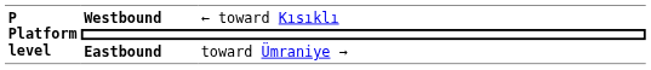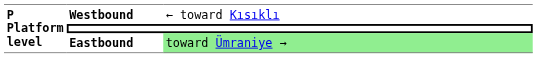 <table table border=0 cellspacing=0 cellpadding=3>
 <tr>
 <td style="border-top:solid 1px gray;border-bottom:solid 1px gray;" width=50 rowspan=3 valign=top><strong>P<br>Platform level</strong></td>
 <td style="border-top:solid 1px gray;" width=100><strong>Westbound</strong></td>
 <td style="border-top:solid 1px gray;" width=400>←  toward <a href='#'>Kısıklı</a></td>
 </tr>
 <tr>
 <td style="border-top:solid 2px black;border-right:solid 2px black;border-left:solid 2px black;border-bottom:solid 2px black;text-align:center;" colspan=2></td>
 </tr>
 <tr>
 <td style="border-bottom:solid 1px gray;"><strong>Eastbound</strong></td>
-<td style="border-bottom:solid 1px gray;"> toward <a href='#'>Ümraniye</a> →</td>
+<td style="background: lightgreen; border-bottom:solid 1px gray;"> toward <a href='#'>Ümraniye</a> →</td>
 </tr>
 </table>
